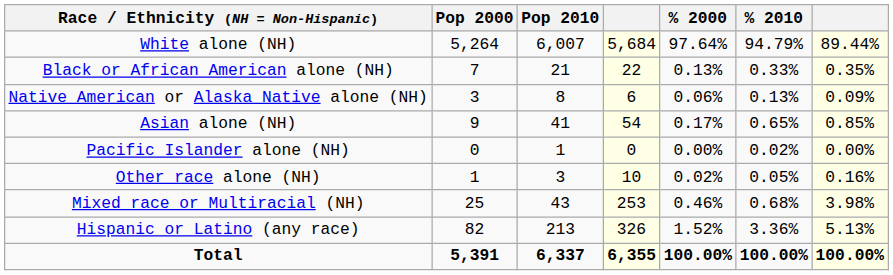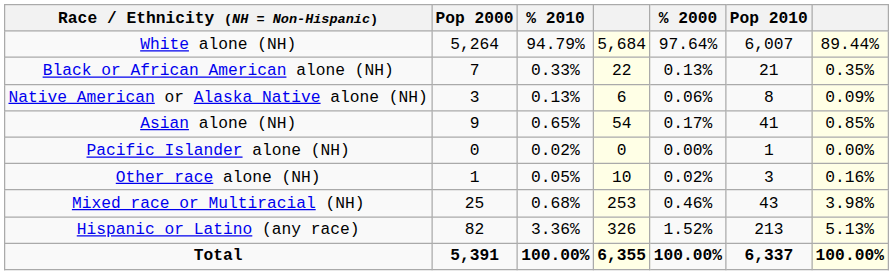 <table class="wikitable" style="text-align:center;">
 <tr>
 <th>Race / Ethnicity <small>(<em>NH = Non-Hispanic</em>)</small></th>
 <th>Pop 2000</th>
-<th>Pop 2010</th>
+<th>% 2010</th>
 <th></th>
 <th>% 2000</th>
-<th>% 2010</th>
+<th>Pop 2010</th>
 <th></th>
 </tr>
 <tr>
 <td><a href='#'>White</a> alone (NH)</td>
 <td>5,264</td>
-<td>6,007</td>
+<td>94.79%</td>
 <td style='background: #ffffe6;'>5,684</td>
 <td>97.64%</td>
-<td>94.79%</td>
+<td>6,007</td>
 <td style='background: #ffffe6;'>89.44%</td>
 </tr>
 <tr>
 <td><a href='#'>Black or African American</a> alone (NH)</td>
 <td>7</td>
-<td>21</td>
+<td>0.33%</td>
 <td style='background: #ffffe6;'>22</td>
 <td>0.13%</td>
-<td>0.33%</td>
+<td>21</td>
 <td style='background: #ffffe6;'>0.35%</td>
 </tr>
 <tr>
 <td><a href='#'>Native American</a> or <a href='#'>Alaska Native</a> alone (NH)</td>
 <td>3</td>
-<td>8</td>
+<td>0.13%</td>
 <td style='background: #ffffe6;'>6</td>
 <td>0.06%</td>
-<td>0.13%</td>
+<td>8</td>
 <td style='background: #ffffe6;'>0.09%</td>
 </tr>
 <tr>
 <td><a href='#'>Asian</a> alone (NH)</td>
 <td>9</td>
-<td>41</td>
+<td>0.65%</td>
 <td style='background: #ffffe6;'>54</td>
 <td>0.17%</td>
-<td>0.65%</td>
+<td>41</td>
 <td style='background: #ffffe6;'>0.85%</td>
 </tr>
 <tr>
 <td><a href='#'>Pacific Islander</a> alone (NH)</td>
 <td>0</td>
-<td>1</td>
+<td>0.02%</td>
 <td style='background: #ffffe6;'>0</td>
 <td>0.00%</td>
-<td>0.02%</td>
+<td>1</td>
 <td style='background: #ffffe6;'>0.00%</td>
 </tr>
 <tr>
 <td><a href='#'>Other race</a> alone (NH)</td>
 <td>1</td>
-<td>3</td>
+<td>0.05%</td>
 <td style='background: #ffffe6;'>10</td>
 <td>0.02%</td>
-<td>0.05%</td>
+<td>3</td>
 <td style='background: #ffffe6;'>0.16%</td>
 </tr>
 <tr>
 <td><a href='#'>Mixed race or Multiracial</a> (NH)</td>
 <td>25</td>
-<td>43</td>
+<td>0.68%</td>
 <td style='background: #ffffe6;'>253</td>
 <td>0.46%</td>
-<td>0.68%</td>
+<td>43</td>
 <td style='background: #ffffe6;'>3.98%</td>
 </tr>
 <tr>
 <td><a href='#'>Hispanic or Latino</a> (any race)</td>
 <td>82</td>
-<td>213</td>
+<td>3.36%</td>
 <td style='background: #ffffe6;'>326</td>
 <td>1.52%</td>
-<td>3.36%</td>
+<td>213</td>
 <td style='background: #ffffe6;'>5.13%</td>
 </tr>
 <tr>
 <td><strong>Total</strong></td>
 <td><strong>5,391</strong></td>
-<td><strong>6,337</strong></td>
+<td><strong>100.00%</strong></td>
 <td style='background: #ffffe6;'><strong>6,355</strong></td>
 <td><strong>100.00%</strong></td>
-<td><strong>100.00%</strong></td>
+<td><strong>6,337</strong></td>
 <td style='background: #ffffe6;'><strong>100.00%</strong></td>
 </tr>
 </table>
